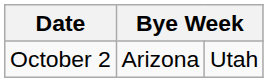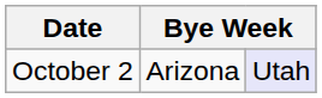 <table class="wikitable" style="font-size:95%;">
 <tr>
 <th>Date</th>
 <th colspan="2">Bye Week</th>
 </tr>
 <tr>
 <td>October 2</td>
 <td>Arizona</td>
-<td>Utah</td>
+<td style="background: lavender;">Utah</td>
 </tr>
 </table>
